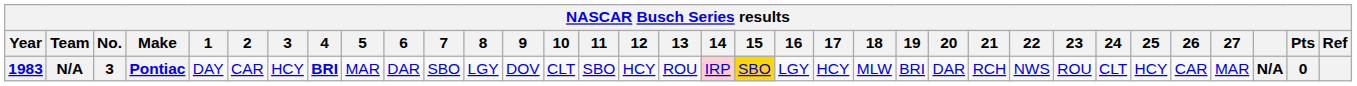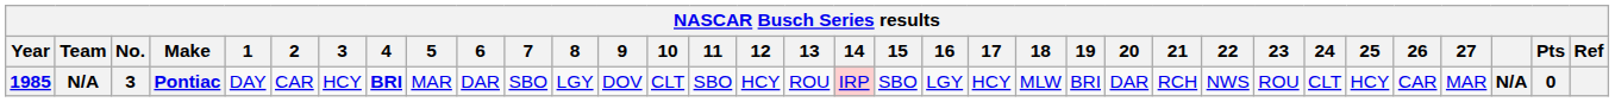 <table class="wikitable" style="text-align:center; font-size:75%">
 <tr>
 <th colspan=42><a href='#'>NASCAR</a> <a href='#'>Busch Series</a> results</th>
 </tr>
 <tr>
 <th>Year</th>
 <th>Team</th>
 <th>No.</th>
 <th>Make</th>
 <th>1</th>
 <th>2</th>
 <th>3</th>
 <th>4</th>
 <th>5</th>
 <th>6</th>
 <th>7</th>
 <th>8</th>
 <th>9</th>
 <th>10</th>
 <th>11</th>
 <th>12</th>
 <th>13</th>
 <th>14</th>
 <th>15</th>
 <th>16</th>
 <th>17</th>
 <th>18</th>
 <th>19</th>
 <th>20</th>
 <th>21</th>
 <th>22</th>
 <th>23</th>
 <th>24</th>
 <th>25</th>
 <th>26</th>
 <th>27</th>
 <th></th>
 <th>Pts</th>
 <th>Ref</th>
 </tr>
 <tr>
-<th><a href='#'>1983</a></th>
+<th><a href='#'>1985</a></th>
 <th>N/A</th>
 <th>3</th>
 <th><a href='#'>Pontiac</a></th>
 <td><a href='#'>DAY</a></td>
 <td><a href='#'>CAR</a></td>
 <td><a href='#'>HCY</a></td>
 <td><strong><a href='#'>BRI</a></strong></td>
 <td><a href='#'>MAR</a></td>
 <td><a href='#'>DAR</a></td>
 <td><a href='#'>SBO</a></td>
 <td><a href='#'>LGY</a></td>
 <td><a href='#'>DOV</a></td>
 <td><a href='#'>CLT</a></td>
 <td><a href='#'>SBO</a></td>
 <td><a href='#'>HCY</a></td>
 <td><a href='#'>ROU</a></td>
 <td style="background:#FFCFCF;"><a href='#'>IRP</a><br></td>
-<td style="background: gold;"><a href='#'>SBO</a></td>
+<td><a href='#'>SBO</a></td>
 <td><a href='#'>LGY</a></td>
 <td><a href='#'>HCY</a></td>
 <td><a href='#'>MLW</a></td>
 <td><a href='#'>BRI</a></td>
 <td><a href='#'>DAR</a></td>
 <td><a href='#'>RCH</a></td>
 <td><a href='#'>NWS</a></td>
 <td><a href='#'>ROU</a></td>
 <td><a href='#'>CLT</a></td>
 <td><a href='#'>HCY</a></td>
 <td><a href='#'>CAR</a></td>
 <td><a href='#'>MAR</a></td>
 <th>N/A</th>
 <th>0</th>
 <th></th>
 </tr>
 </table>
